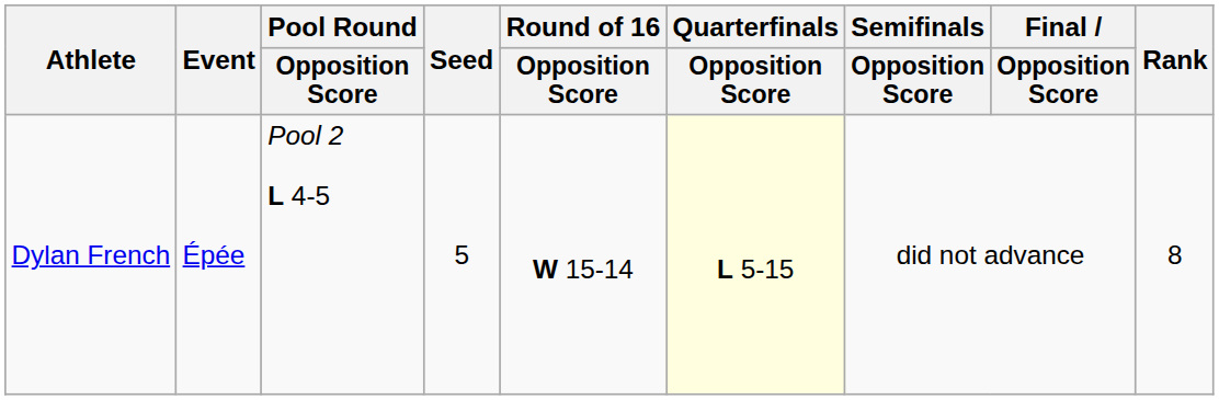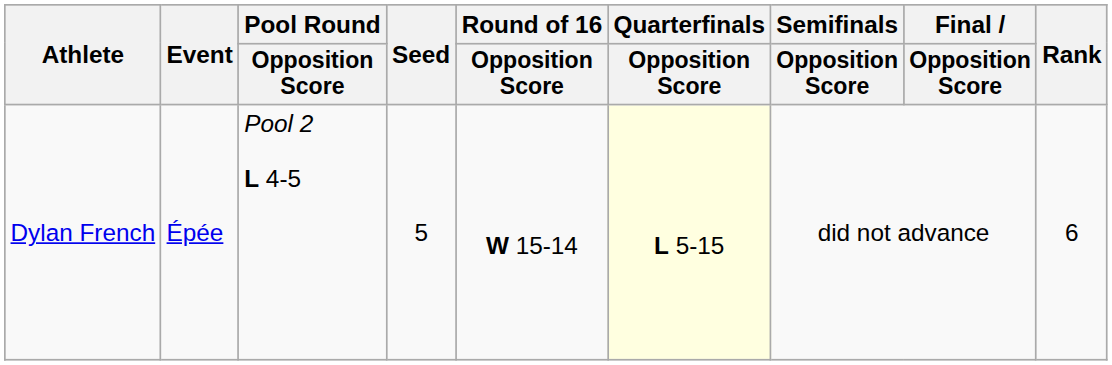 <table class=wikitable style="font-size:90%">
 <tr>
 <th rowspan="2">Athlete</th>
 <th rowspan="2">Event</th>
 <th>Pool Round</th>
 <th rowspan="2">Seed</th>
 <th>Round of 16</th>
 <th>Quarterfinals</th>
 <th>Semifinals</th>
 <th>Final / </th>
 <th rowspan=2>Rank</th>
 </tr>
 <tr style="font-size:95%">
 <th>Opposition<br>Score</th>
 <th>Opposition<br>Score</th>
 <th>Opposition<br>Score</th>
 <th>Opposition<br>Score</th>
 <th>Opposition<br>Score</th>
 </tr>
 <tr align=center>
 <td align=left><a href='#'>Dylan French</a></td>
 <td align=left><a href='#'>Épée</a></td>
 <td align=left><em>Pool 2</em><br><br><strong>L</strong> 4-5<br><br> <br><br><br> <br><br></td>
 <td>5</td>
 <td><br><strong>W</strong> 15-14</td>
 <td style="background: lightyellow;"><br><strong>L</strong> 5-15</td>
 <td colspan=2>did not advance</td>
-<td>8</td>
+<td>6</td>
 </tr>
 </table>
